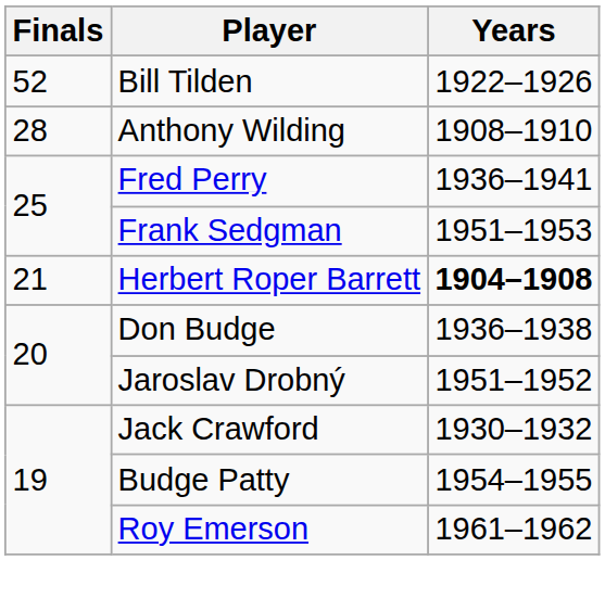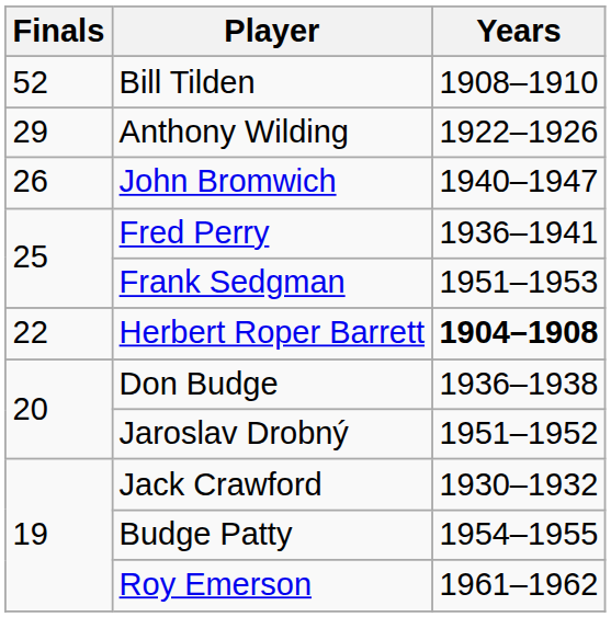 <table class=wikitable style="display:inline-table;">
 <tr>
 <th>Finals</th>
 <th>Player</th>
 <th>Years</th>
 </tr>
 <tr>
 <td>52</td>
 <td> Bill Tilden</td>
+<td>1908–1910</td>
+</tr>
+<tr>
+<td>29</td>
+<td> Anthony Wilding</td>
 <td>1922–1926</td>
 </tr>
 <tr>
-<td>28</td>
-<td> Anthony Wilding</td>
-<td>1908–1910</td>
+<td>26</td>
+<td> <a href='#'>John Bromwich</a></td>
+<td>1940–1947</td>
 </tr>
 <tr>
 <td rowspan="2">25</td>
 <td> <a href='#'>Fred Perry</a></td>
 <td>1936–1941</td>
 </tr>
 <tr>
 <td> <a href='#'>Frank Sedgman</a></td>
 <td>1951–1953</td>
 </tr>
 <tr>
-<td>21</td>
+<td>22</td>
 <td> <a href='#'>Herbert Roper Barrett</a></td>
 <td><strong>1904–1908</strong></td>
 </tr>
 <tr>
 <td rowspan="2">20</td>
 <td> Don Budge</td>
 <td>1936–1938</td>
 </tr>
 <tr>
 <td> Jaroslav Drobný</td>
 <td>1951–1952</td>
 </tr>
 <tr>
 <td rowspan="3">19</td>
 <td> Jack Crawford</td>
 <td>1930–1932</td>
 </tr>
 <tr>
 <td> Budge Patty</td>
 <td>1954–1955</td>
 </tr>
 <tr>
 <td> <a href='#'>Roy Emerson</a></td>
 <td>1961–1962</td>
 </tr>
 </table>
